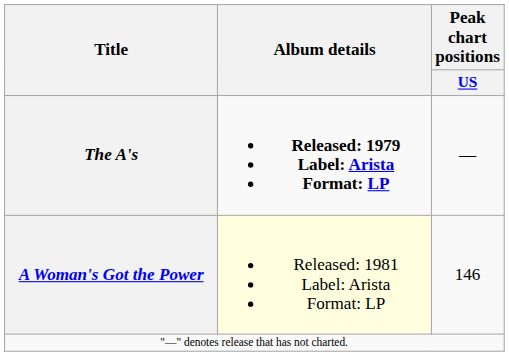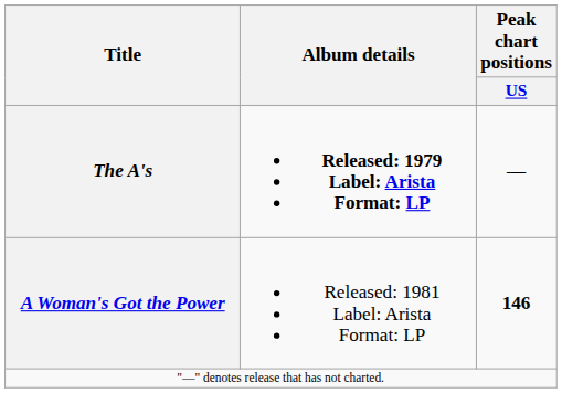 <table class="wikitable plainrowheaders" style="text-align:center;" border="1">
 <tr>
 <th scope="col" rowspan="2" style="width:12em;">Title</th>
 <th scope="col" rowspan="2" style="width:12em;">Album details</th>
 <th scope="col" colspan="2">Peak chart positions</th>
 </tr>
 <tr>
 <th style="width:3em; font-size:90%;"><a href='#'>US</a></th>
 </tr>
 <tr>
 <th scope="row"><em>The A's</em></th>
 <td><strong><br><ul><li>Released: 1979</li><li>Label: <a href='#'>Arista</a></li><li>Format: <a href='#'>LP</a></li></ul></strong></td>
 <td>—</td>
 </tr>
 <tr>
 <th scope="row"><em><a href='#'>A Woman's Got the Power</a></em></th>
-<td style="background: lightyellow;"><br><ul><li>Released: 1981</li><li>Label: Arista</li><li>Format: LP</li></ul></td>
-<td>146</td>
+<td><br><ul><li>Released: 1981</li><li>Label: Arista</li><li>Format: LP</li></ul></td>
+<td><strong>146</strong></td>
 </tr>
 <tr>
 <td colspan="12" style="font-size: 8pt">"—" denotes release that has not charted.</td>
 </tr>
 </table>
